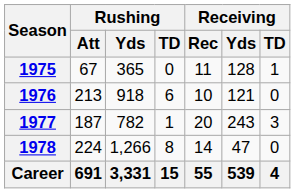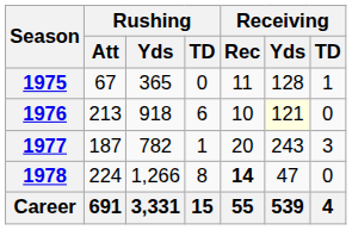 <table class="wikitable" style="text-align:center;">
 <tr>
 <th rowspan="2">Season</th>
 <th colspan="3">Rushing</th>
 <th colspan="3">Receiving</th>
 </tr>
 <tr>
 <th>Att</th>
 <th>Yds</th>
 <th>TD</th>
 <th>Rec</th>
 <th>Yds</th>
 <th>TD</th>
 </tr>
 <tr>
 <th><a href='#'>1975</a></th>
 <td>67</td>
 <td>365</td>
 <td>0</td>
 <td>11</td>
 <td>128</td>
 <td>1</td>
 </tr>
 <tr>
 <th><a href='#'>1976</a></th>
 <td>213</td>
 <td>918</td>
 <td>6</td>
 <td>10</td>
-<td>121</td>
+<td style="background: lightyellow;">121</td>
 <td>0</td>
 </tr>
 <tr>
 <th><a href='#'>1977</a></th>
 <td>187</td>
 <td>782</td>
 <td>1</td>
 <td>20</td>
 <td>243</td>
 <td>3</td>
 </tr>
 <tr>
 <th><a href='#'>1978</a></th>
 <td>224</td>
 <td>1,266</td>
 <td>8</td>
-<td>14</td>
+<td><strong>14</strong></td>
 <td>47</td>
 <td>0</td>
 </tr>
 <tr>
 <th>Career</th>
 <th>691</th>
 <th>3,331</th>
 <th>15</th>
 <th>55</th>
 <th>539</th>
 <th>4</th>
 </tr>
 </table>
